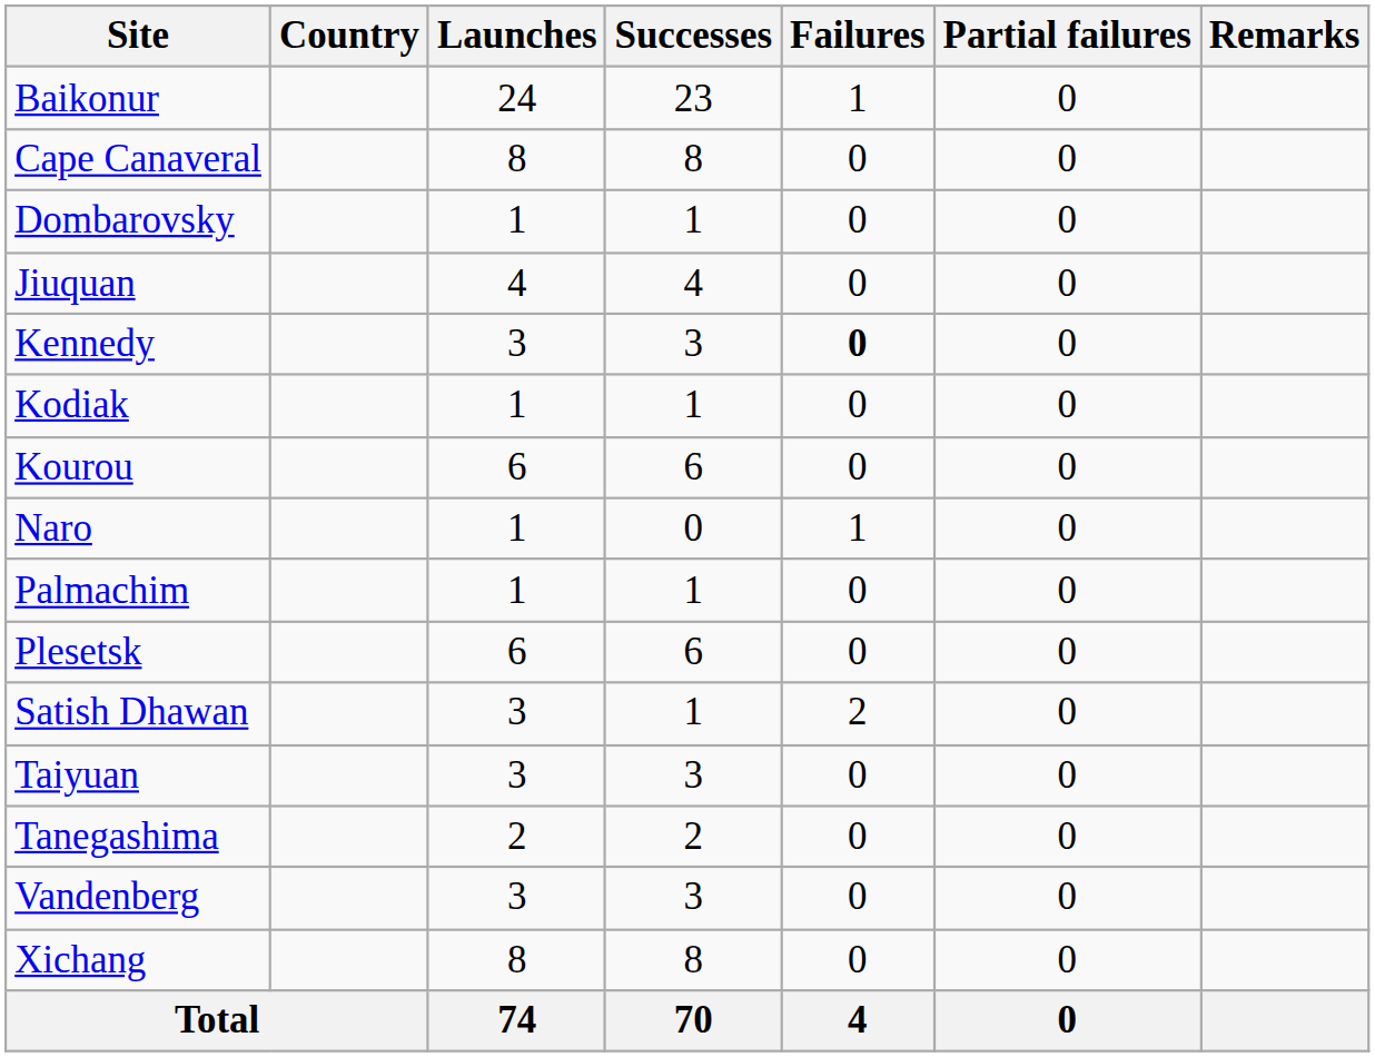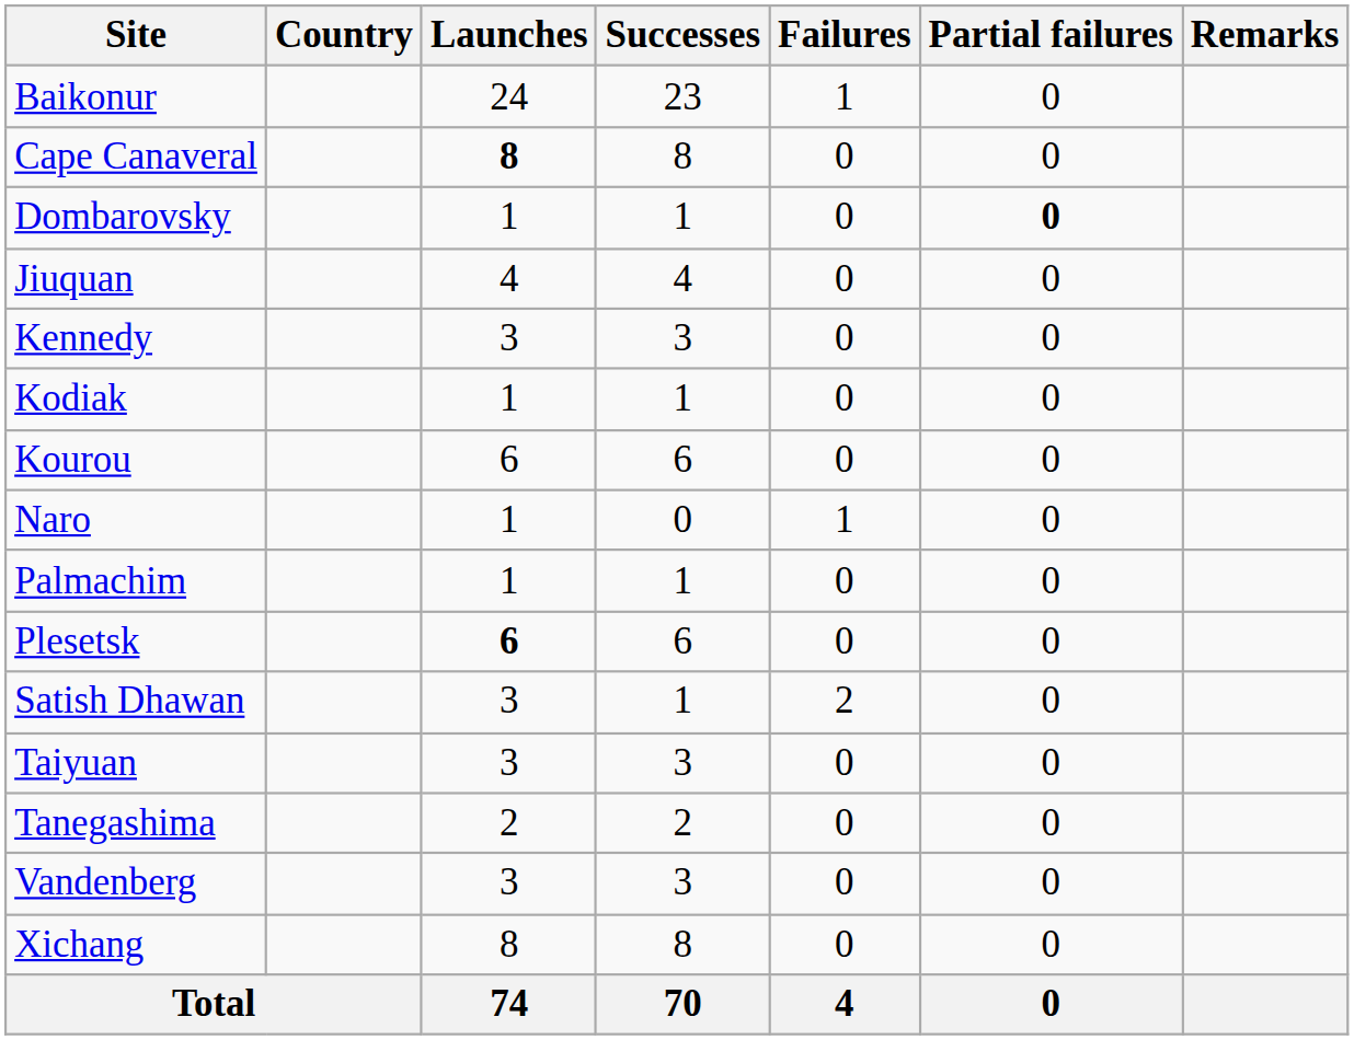 <table class="wikitable sortable" style=text-align:center>
 <tr>
 <th>Site</th>
 <th>Country</th>
 <th>Launches</th>
 <th>Successes</th>
 <th>Failures</th>
 <th>Partial failures</th>
 <th>Remarks</th>
 </tr>
 <tr>
 <td align=left><a href='#'>Baikonur</a></td>
 <td align=left></td>
 <td>24</td>
 <td>23</td>
 <td>1</td>
 <td>0</td>
 <td></td>
 </tr>
 <tr>
 <td><a href='#'>Cape Canaveral</a></td>
 <td align=left></td>
-<td>8</td>
+<td><strong>8</strong></td>
 <td>8</td>
 <td>0</td>
 <td>0</td>
 <td></td>
 </tr>
 <tr>
 <td align=left><a href='#'>Dombarovsky</a></td>
 <td align=left></td>
 <td>1</td>
 <td>1</td>
 <td>0</td>
-<td>0</td>
+<td><strong>0</strong></td>
 <td></td>
 </tr>
 <tr>
 <td align=left><a href='#'>Jiuquan</a></td>
 <td align=left></td>
 <td>4</td>
 <td>4</td>
 <td>0</td>
 <td>0</td>
 <td></td>
 </tr>
 <tr>
 <td align=left><a href='#'>Kennedy</a></td>
 <td align=left></td>
 <td>3</td>
 <td>3</td>
-<td><strong>0</strong></td>
+<td>0</td>
 <td>0</td>
 <td></td>
 </tr>
 <tr>
 <td align=left><a href='#'>Kodiak</a></td>
 <td align=left></td>
 <td>1</td>
 <td>1</td>
 <td>0</td>
 <td>0</td>
 <td></td>
 </tr>
 <tr>
 <td align=left><a href='#'>Kourou</a></td>
 <td align=left></td>
 <td>6</td>
 <td>6</td>
 <td>0</td>
 <td>0</td>
 <td></td>
 </tr>
 <tr>
 <td align=left><a href='#'>Naro</a></td>
 <td align=left></td>
 <td>1</td>
 <td>0</td>
 <td>1</td>
 <td>0</td>
 <td></td>
 </tr>
 <tr>
 <td align=left><a href='#'>Palmachim</a></td>
 <td align=left></td>
 <td>1</td>
 <td>1</td>
 <td>0</td>
 <td>0</td>
 <td></td>
 </tr>
 <tr>
 <td align=left><a href='#'>Plesetsk</a></td>
 <td align=left></td>
-<td>6</td>
+<td><strong>6</strong></td>
 <td>6</td>
 <td>0</td>
 <td>0</td>
 <td></td>
 </tr>
 <tr>
 <td align=left><a href='#'>Satish Dhawan</a></td>
 <td align=left></td>
 <td>3</td>
 <td>1</td>
 <td>2</td>
 <td>0</td>
 <td></td>
 </tr>
 <tr>
 <td align=left><a href='#'>Taiyuan</a></td>
 <td align=left></td>
 <td>3</td>
 <td>3</td>
 <td>0</td>
 <td>0</td>
 <td></td>
 </tr>
 <tr>
 <td align=left><a href='#'>Tanegashima</a></td>
 <td align=left></td>
 <td>2</td>
 <td>2</td>
 <td>0</td>
 <td>0</td>
 <td></td>
 </tr>
 <tr>
 <td align=left><a href='#'>Vandenberg</a></td>
 <td align=left></td>
 <td>3</td>
 <td>3</td>
 <td>0</td>
 <td>0</td>
 <td></td>
 </tr>
 <tr>
 <td align=left><a href='#'>Xichang</a></td>
 <td align=left></td>
 <td>8</td>
 <td>8</td>
 <td>0</td>
 <td>0</td>
 <td></td>
 </tr>
 <tr class="sortbottom">
 <th colspan=2>Total</th>
 <th>74</th>
 <th>70</th>
 <th>4</th>
 <th>0</th>
 <th></th>
 </tr>
 </table>
